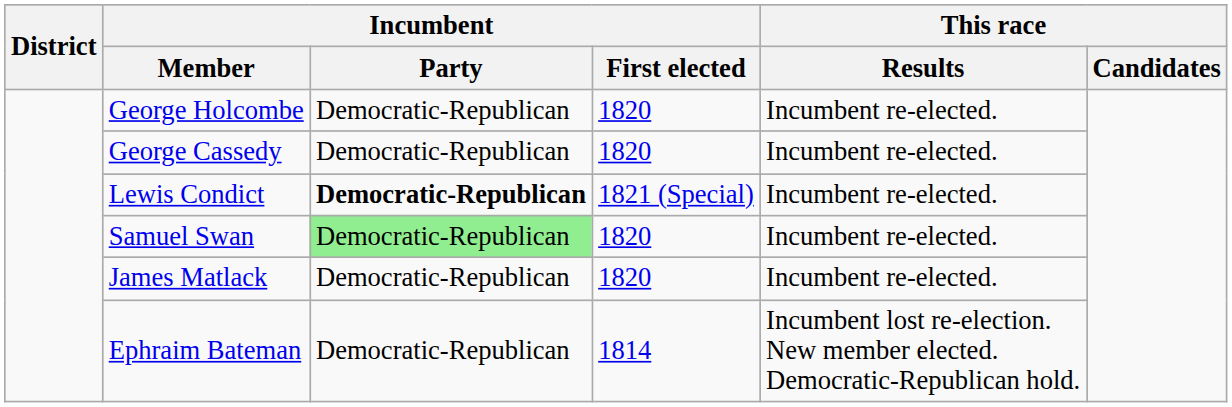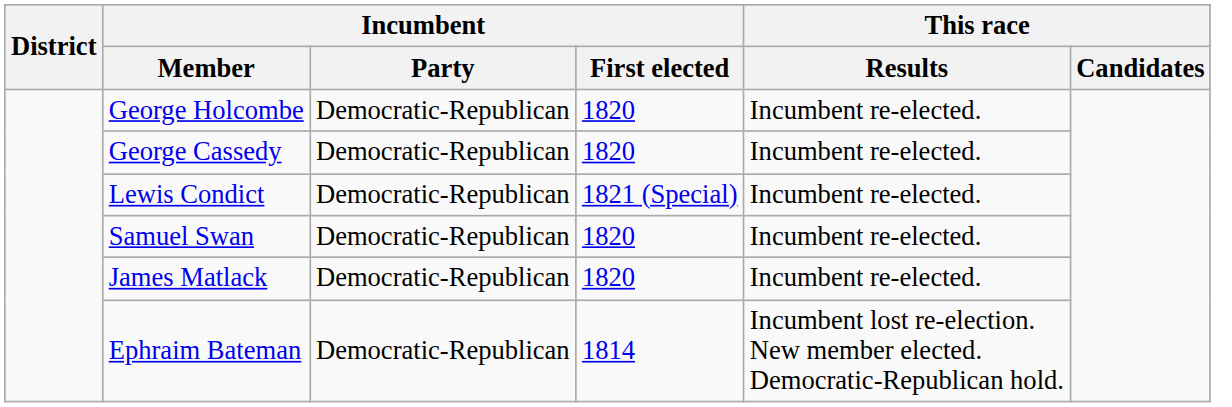 <table class=wikitable>
 <tr>
 <th rowspan=2>District</th>
 <th colspan=3>Incumbent</th>
 <th colspan=2>This race</th>
 </tr>
 <tr>
 <th>Member</th>
 <th>Party</th>
 <th>First elected</th>
 <th>Results</th>
 <th>Candidates</th>
 </tr>
 <tr>
 <td rowspan=6><br></td>
 <td><a href='#'>George Holcombe</a></td>
 <td>Democratic-Republican</td>
 <td><a href='#'>1820</a></td>
 <td>Incumbent re-elected.</td>
 <td rowspan=6 nowrap></td>
 </tr>
 <tr>
 <td><a href='#'>George Cassedy</a></td>
 <td>Democratic-Republican</td>
 <td><a href='#'>1820</a></td>
 <td>Incumbent re-elected.</td>
 </tr>
 <tr>
 <td><a href='#'>Lewis Condict</a></td>
-<td><strong>Democratic-Republican</strong></td>
+<td>Democratic-Republican</td>
 <td><a href='#'>1821 (Special)</a></td>
 <td>Incumbent re-elected.</td>
 </tr>
 <tr>
 <td><a href='#'>Samuel Swan</a></td>
-<td style="background: lightgreen;">Democratic-Republican</td>
+<td>Democratic-Republican</td>
 <td><a href='#'>1820</a></td>
 <td>Incumbent re-elected.</td>
 </tr>
 <tr>
 <td><a href='#'>James Matlack</a></td>
 <td>Democratic-Republican</td>
 <td><a href='#'>1820</a></td>
 <td>Incumbent re-elected.</td>
 </tr>
 <tr>
 <td><a href='#'>Ephraim Bateman</a></td>
 <td>Democratic-Republican</td>
 <td><a href='#'>1814</a></td>
 <td>Incumbent lost re-election.<br>New member elected.<br>Democratic-Republican hold.</td>
 </tr>
 </table>
